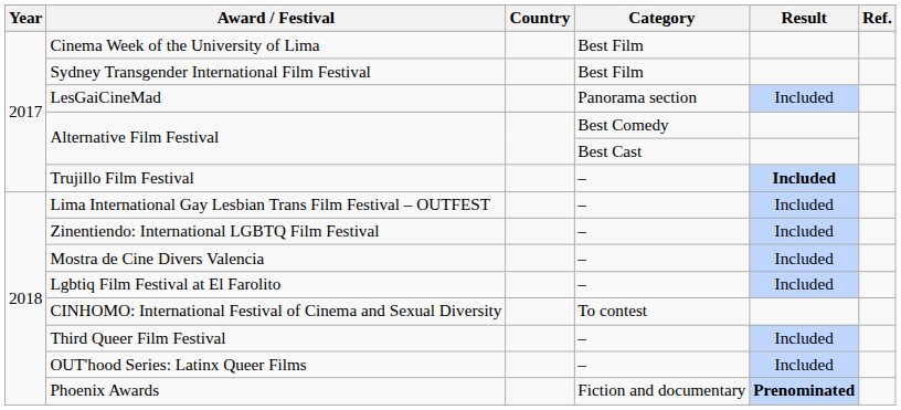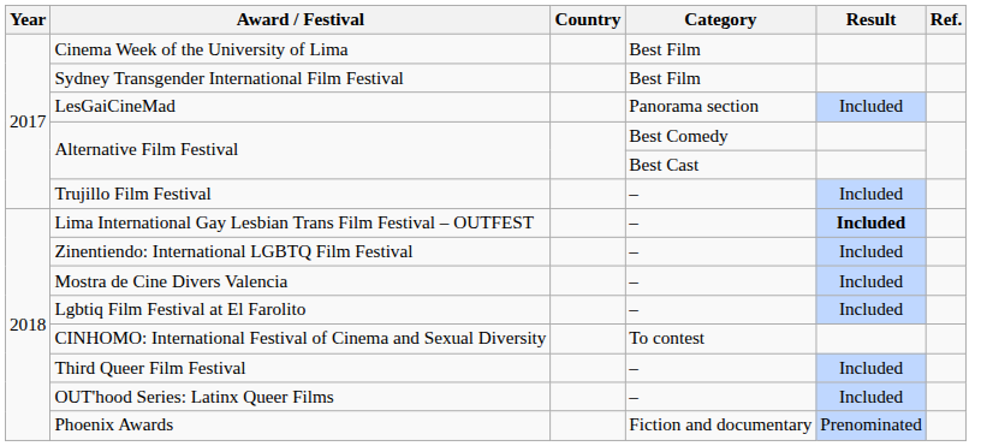 <table class="wikitable">
 <tr>
 <th><strong>Year</strong></th>
 <th>Award / Festival</th>
 <th>Country</th>
 <th><strong>Category</strong></th>
 <th>Result</th>
 <th>Ref.</th>
 </tr>
 <tr>
 <td rowspan="6">2017</td>
 <td>Cinema Week of the University of Lima</td>
 <td></td>
 <td>Best Film</td>
 <td></td>
 <td></td>
 </tr>
 <tr>
 <td>Sydney Transgender International Film Festival</td>
 <td></td>
 <td>Best Film</td>
 <td></td>
 <td></td>
 </tr>
 <tr>
 <td>LesGaiCineMad</td>
 <td></td>
 <td>Panorama section</td>
 <td align=center bgcolor="#bfd7ff">Included</td>
 <td></td>
 </tr>
 <tr>
 <td rowspan="2">Alternative Film Festival</td>
 <td rowspan="2"></td>
 <td>Best Comedy</td>
 <td></td>
 <td rowspan="2"></td>
 </tr>
 <tr>
 <td>Best Cast</td>
 <td></td>
 </tr>
 <tr>
 <td>Trujillo Film Festival</td>
 <td></td>
 <td>–</td>
-<td align=center bgcolor="#bfd7ff"><strong>Included</strong></td>
+<td align=center bgcolor="#bfd7ff">Included</td>
 <td></td>
 </tr>
 <tr>
 <td rowspan="8">2018</td>
 <td>Lima International Gay Lesbian Trans Film Festival – OUTFEST</td>
 <td></td>
 <td>–</td>
-<td align=center bgcolor="#bfd7ff">Included</td>
+<td align=center bgcolor="#bfd7ff"><strong>Included</strong></td>
 <td></td>
 </tr>
 <tr>
 <td>Zinentiendo: International LGBTQ Film Festival</td>
 <td></td>
 <td>–</td>
 <td align=center bgcolor="#bfd7ff">Included</td>
 <td></td>
 </tr>
 <tr>
 <td>Mostra de Cine Divers Valencia</td>
 <td></td>
 <td>–</td>
 <td align=center bgcolor="#bfd7ff">Included</td>
 <td></td>
 </tr>
 <tr>
 <td>Lgbtiq Film Festival at El Farolito</td>
 <td></td>
 <td>–</td>
 <td align=center bgcolor="#bfd7ff">Included</td>
 <td></td>
 </tr>
 <tr>
 <td>CINHOMO: International Festival of Cinema and Sexual Diversity</td>
 <td></td>
 <td>To contest</td>
 <td></td>
 <td></td>
 </tr>
 <tr>
 <td>Third Queer Film Festival</td>
 <td></td>
 <td>–</td>
 <td align=center bgcolor="#bfd7ff">Included</td>
 <td></td>
 </tr>
 <tr>
 <td>OUT'hood Series: Latinx Queer Films</td>
 <td></td>
 <td>–</td>
 <td align=center bgcolor="#bfd7ff">Included</td>
 <td></td>
 </tr>
 <tr>
 <td>Phoenix Awards</td>
 <td></td>
 <td>Fiction and documentary</td>
-<td align=center bgcolor="#bfd7ff"><strong>Prenominated</strong></td>
+<td align=center bgcolor="#bfd7ff">Prenominated</td>
 <td></td>
 </tr>
 </table>
